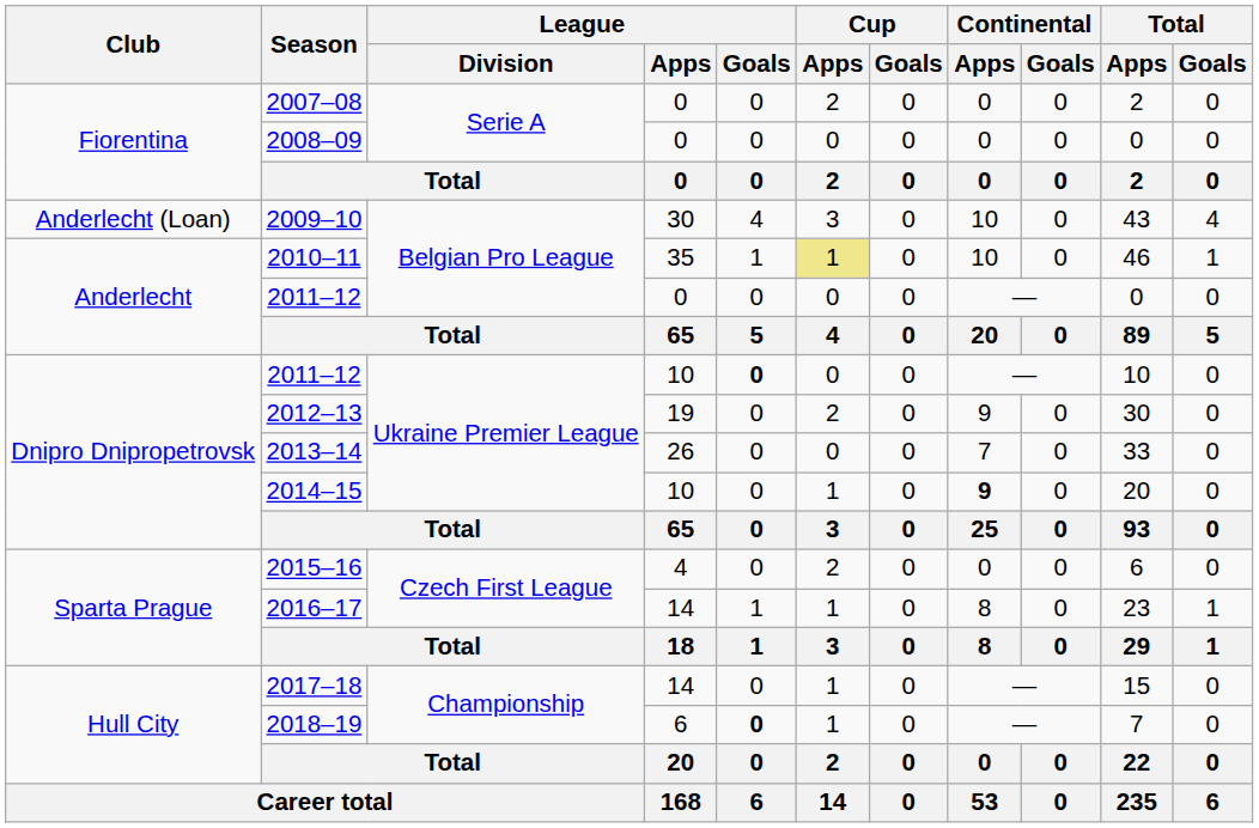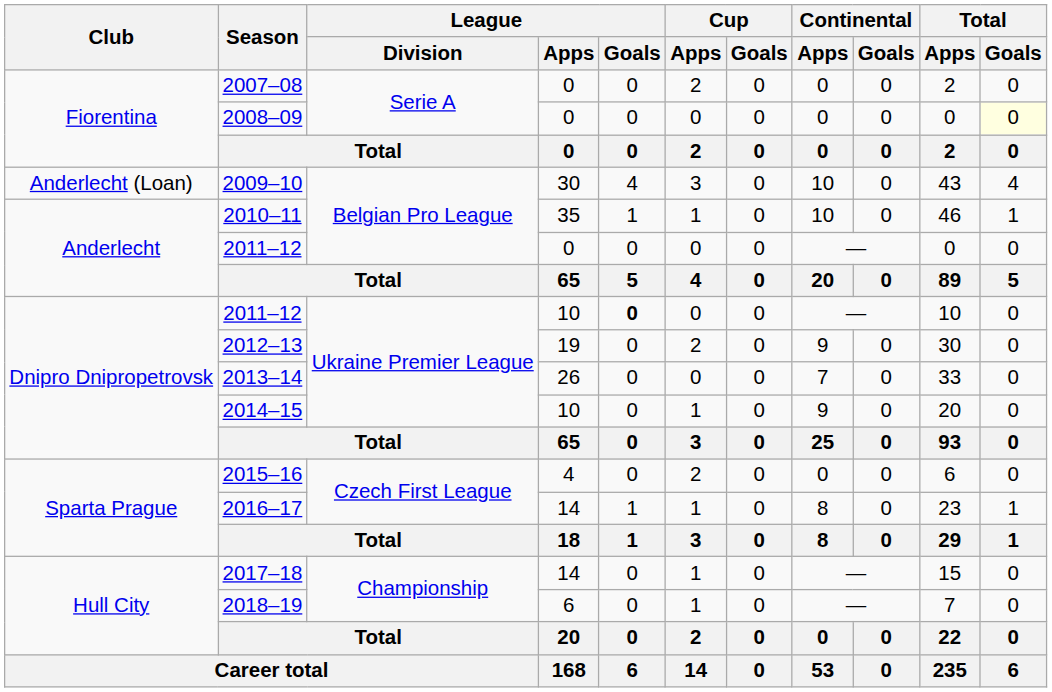 <table class="wikitable" style="text-align:center">
 <tr>
 <th rowspan="2">Club</th>
 <th rowspan="2">Season</th>
 <th colspan="3">League</th>
 <th colspan="2">Cup</th>
 <th colspan="2">Continental</th>
 <th colspan="2">Total</th>
 </tr>
 <tr>
 <th>Division</th>
 <th>Apps</th>
 <th>Goals</th>
 <th>Apps</th>
 <th>Goals</th>
 <th>Apps</th>
 <th>Goals</th>
 <th>Apps</th>
 <th>Goals</th>
 </tr>
 <tr>
 <td rowspan="3"><a href='#'>Fiorentina</a></td>
 <td><a href='#'>2007–08</a></td>
 <td rowspan="2"><a href='#'>Serie A</a></td>
 <td>0</td>
 <td>0</td>
 <td>2</td>
 <td>0</td>
 <td>0</td>
 <td>0</td>
 <td>2</td>
 <td>0</td>
 </tr>
 <tr>
 <td><a href='#'>2008–09</a></td>
 <td>0</td>
 <td>0</td>
 <td>0</td>
 <td>0</td>
 <td>0</td>
 <td>0</td>
 <td>0</td>
-<td>0</td>
+<td style="background: lightyellow;">0</td>
 </tr>
 <tr>
 <th colspan="2">Total</th>
 <th>0</th>
 <th>0</th>
 <th>2</th>
 <th>0</th>
 <th>0</th>
 <th>0</th>
 <th>2</th>
 <th>0</th>
 </tr>
 <tr>
 <td><a href='#'>Anderlecht</a> (Loan)</td>
 <td><a href='#'>2009–10</a></td>
 <td rowspan="3"><a href='#'>Belgian Pro League</a></td>
 <td>30</td>
 <td>4</td>
 <td>3</td>
 <td>0</td>
 <td>10</td>
 <td>0</td>
 <td>43</td>
 <td>4</td>
 </tr>
 <tr>
 <td rowspan="3"><a href='#'>Anderlecht</a></td>
 <td><a href='#'>2010–11</a></td>
 <td>35</td>
 <td>1</td>
-<td style="background: khaki;">1</td>
+<td>1</td>
 <td>0</td>
 <td>10</td>
 <td>0</td>
 <td>46</td>
 <td>1</td>
 </tr>
 <tr>
 <td><a href='#'>2011–12</a></td>
 <td>0</td>
 <td>0</td>
 <td>0</td>
 <td>0</td>
 <td colspan="2">—</td>
 <td>0</td>
 <td>0</td>
 </tr>
 <tr>
 <th colspan="2">Total</th>
 <th>65</th>
 <th>5</th>
 <th>4</th>
 <th>0</th>
 <th>20</th>
 <th>0</th>
 <th>89</th>
 <th>5</th>
 </tr>
 <tr>
 <td rowspan="5"><a href='#'>Dnipro Dnipropetrovsk</a></td>
 <td><a href='#'>2011–12</a></td>
 <td rowspan="4"><a href='#'>Ukraine Premier League</a></td>
 <td>10</td>
 <td><strong>0</strong></td>
 <td>0</td>
 <td>0</td>
 <td colspan="2">—</td>
 <td>10</td>
 <td>0</td>
 </tr>
 <tr>
 <td><a href='#'>2012–13</a></td>
 <td>19</td>
 <td>0</td>
 <td>2</td>
 <td>0</td>
 <td>9</td>
 <td>0</td>
 <td>30</td>
 <td>0</td>
 </tr>
 <tr>
 <td><a href='#'>2013–14</a></td>
 <td>26</td>
 <td>0</td>
 <td>0</td>
 <td>0</td>
 <td>7</td>
 <td>0</td>
 <td>33</td>
 <td>0</td>
 </tr>
 <tr>
 <td><a href='#'>2014–15</a></td>
 <td>10</td>
 <td>0</td>
 <td>1</td>
 <td>0</td>
-<td><strong>9</strong></td>
+<td>9</td>
 <td>0</td>
 <td>20</td>
 <td>0</td>
 </tr>
 <tr>
 <th colspan="2">Total</th>
 <th>65</th>
 <th>0</th>
 <th>3</th>
 <th>0</th>
 <th>25</th>
 <th>0</th>
 <th>93</th>
 <th>0</th>
 </tr>
 <tr>
 <td rowspan="3"><a href='#'>Sparta Prague</a></td>
 <td><a href='#'>2015–16</a></td>
 <td rowspan="2"><a href='#'>Czech First League</a></td>
 <td>4</td>
 <td>0</td>
 <td>2</td>
 <td>0</td>
 <td>0</td>
 <td>0</td>
 <td>6</td>
 <td>0</td>
 </tr>
 <tr>
 <td><a href='#'>2016–17</a></td>
 <td>14</td>
 <td>1</td>
 <td>1</td>
 <td>0</td>
 <td>8</td>
 <td>0</td>
 <td>23</td>
 <td>1</td>
 </tr>
 <tr>
 <th colspan="2">Total</th>
 <th>18</th>
 <th>1</th>
 <th>3</th>
 <th>0</th>
 <th>8</th>
 <th>0</th>
 <th>29</th>
 <th>1</th>
 </tr>
 <tr>
 <td rowspan="3"><a href='#'>Hull City</a></td>
 <td><a href='#'>2017–18</a></td>
 <td rowspan="2"><a href='#'>Championship</a></td>
 <td>14</td>
 <td>0</td>
 <td>1</td>
 <td>0</td>
 <td colspan="2">—</td>
 <td>15</td>
 <td>0</td>
 </tr>
 <tr>
 <td><a href='#'>2018–19</a></td>
 <td>6</td>
-<td><strong>0</strong></td>
+<td>0</td>
 <td>1</td>
 <td>0</td>
 <td colspan="2">—</td>
 <td>7</td>
 <td>0</td>
 </tr>
 <tr>
 <th colspan="2">Total</th>
 <th>20</th>
 <th>0</th>
 <th>2</th>
 <th>0</th>
 <th>0</th>
 <th>0</th>
 <th>22</th>
 <th>0</th>
 </tr>
 <tr>
 <th colspan="3">Career total</th>
 <th>168</th>
 <th>6</th>
 <th>14</th>
 <th>0</th>
 <th>53</th>
 <th>0</th>
 <th>235</th>
 <th>6</th>
 </tr>
 </table>
